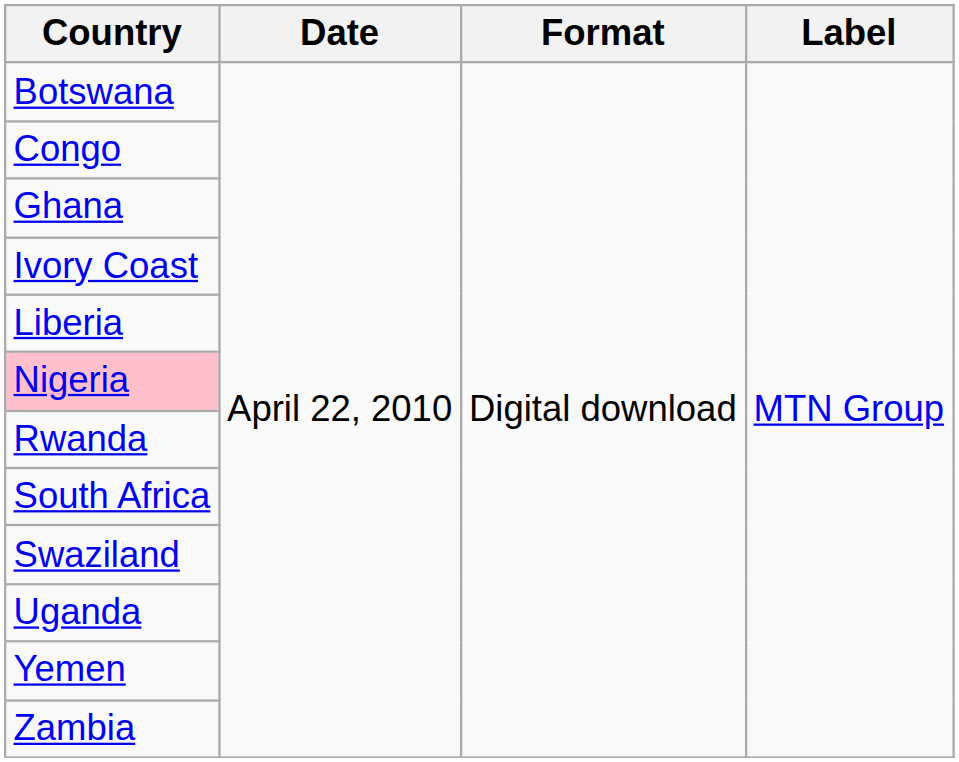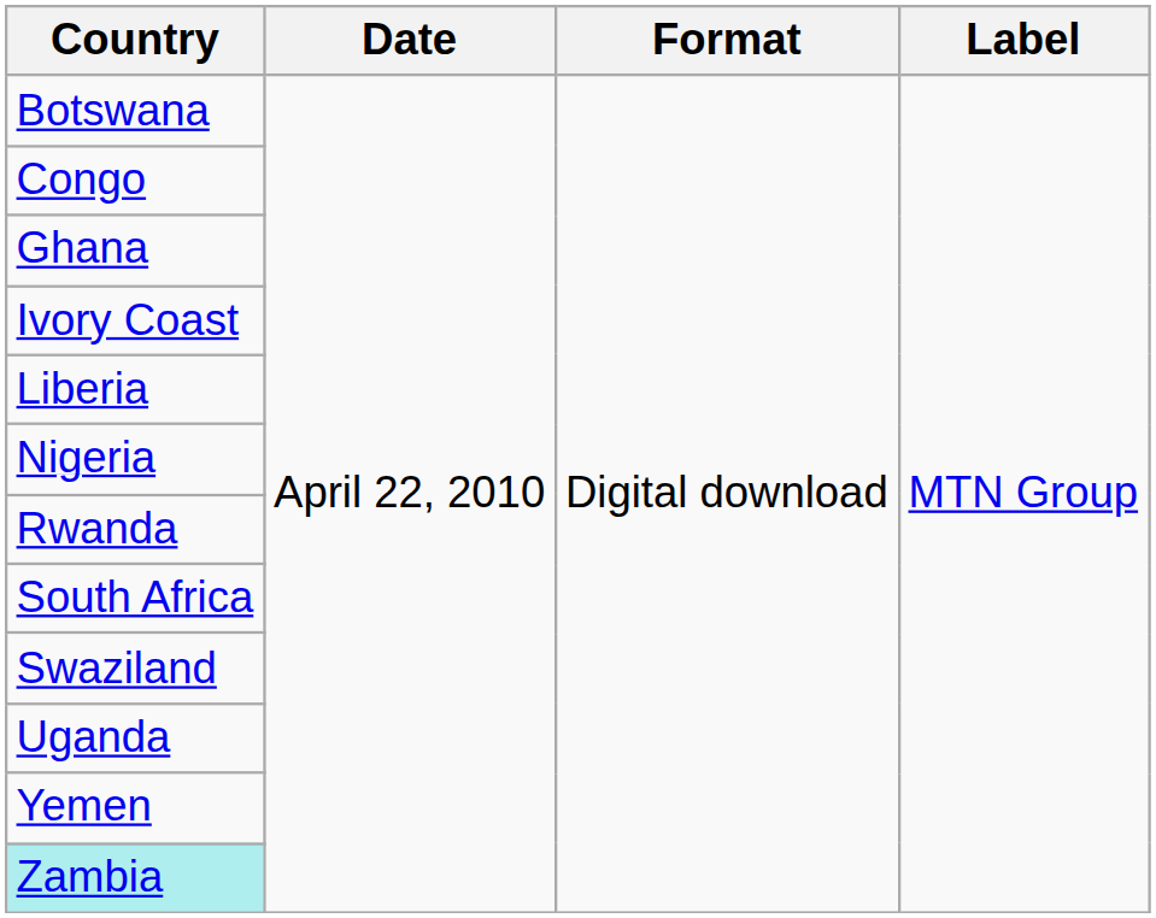 <table class=wikitable>
 <tr>
 <th>Country</th>
 <th>Date</th>
 <th>Format</th>
 <th>Label</th>
 </tr>
 <tr>
 <td><a href='#'>Botswana</a></td>
 <td rowspan="12">April 22, 2010</td>
 <td rowspan="12">Digital download</td>
 <td rowspan="12"><a href='#'>MTN Group</a></td>
 </tr>
 <tr>
 <td><a href='#'>Congo</a></td>
 </tr>
 <tr>
 <td><a href='#'>Ghana</a></td>
 </tr>
 <tr>
 <td><a href='#'>Ivory Coast</a></td>
 </tr>
 <tr>
 <td><a href='#'>Liberia</a></td>
 </tr>
 <tr>
-<td style="background: pink;"><a href='#'>Nigeria</a></td>
+<td><a href='#'>Nigeria</a></td>
 </tr>
 <tr>
 <td><a href='#'>Rwanda</a></td>
 </tr>
 <tr>
 <td><a href='#'>South Africa</a></td>
 </tr>
 <tr>
 <td><a href='#'>Swaziland</a></td>
 </tr>
 <tr>
 <td><a href='#'>Uganda</a></td>
 </tr>
 <tr>
 <td><a href='#'>Yemen</a></td>
 </tr>
 <tr>
-<td><a href='#'>Zambia</a></td>
+<td style="background: paleturquoise;"><a href='#'>Zambia</a></td>
 </tr>
 </table>
